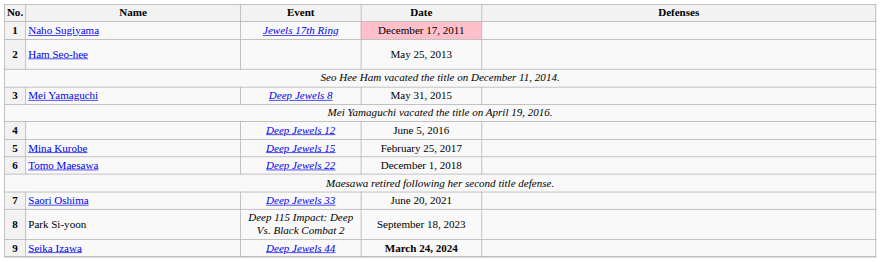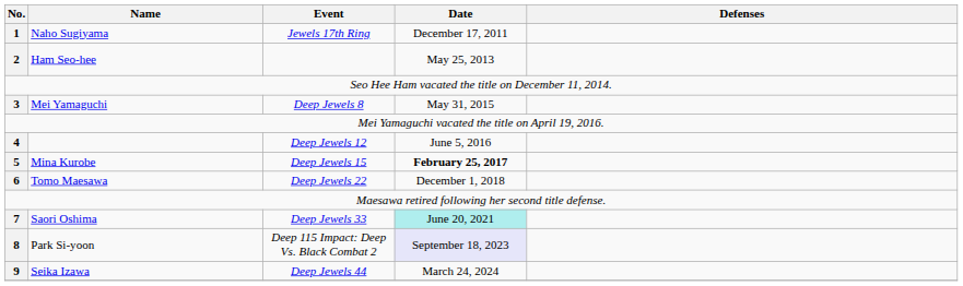 <table class="wikitable" width=100%>
 <tr>
 <th width=1%>No.</th>
 <th width=25%>Name</th>
 <th width=14%>Event</th>
 <th width=14%>Date</th>
 <th width=46%>Defenses</th>
 </tr>
 <tr>
 <th>1</th>
 <td align=left> <a href='#'>Naho Sugiyama</a><br></td>
 <td align=center><em><a href='#'>Jewels 17th Ring</a></em> <br></td>
-<td align=center style="background: pink;">December 17, 2011</td>
+<td align=center>December 17, 2011</td>
 <td></td>
 </tr>
 <tr>
 <th>2</th>
 <td align=left> <a href='#'>Ham Seo-hee</a></td>
 <td align=center><em></em> <br></td>
 <td align=center>May 25, 2013</td>
 <td><br><br> </td>
 </tr>
 <tr>
 <td align="center" colspan="5"><em>Seo Hee Ham vacated the title on December 11, 2014.</em></td>
 </tr>
 <tr>
 <th>3</th>
 <td align=left> <a href='#'>Mei Yamaguchi</a><br></td>
 <td align=center><em><a href='#'>Deep Jewels 8</a></em> <br></td>
 <td align=center>May 31, 2015</td>
 <td></td>
 </tr>
 <tr>
 <td align="center" colspan="5"><em>Mei Yamaguchi vacated the title on April 19, 2016.</em></td>
 </tr>
 <tr>
 <th>4</th>
 <td align=left><br></td>
 <td align=center><em><a href='#'>Deep Jewels 12</a></em> <br></td>
 <td align=center>June 5, 2016</td>
 <td></td>
 </tr>
 <tr>
 <th>5</th>
 <td align=left> <a href='#'>Mina Kurobe</a></td>
 <td align=center><em><a href='#'>Deep Jewels 15</a></em> <br></td>
-<td align=center>February 25, 2017</td>
+<td align=center><strong>February 25, 2017</strong></td>
 <td></td>
 </tr>
 <tr>
 <th>6</th>
 <td align=left> <a href='#'>Tomo Maesawa</a></td>
 <td align=center><em><a href='#'>Deep Jewels 22</a></em> <br></td>
 <td align=center>December 1, 2018</td>
 <td></td>
 </tr>
 <tr>
 <td align="center" colspan="5"><em>Maesawa retired following her second title defense.</em></td>
 </tr>
 <tr>
 <th>7</th>
 <td align=left> <a href='#'>Saori Oshima</a> <br></td>
 <td align=center><em><a href='#'>Deep Jewels 33</a></em> <br></td>
-<td align=center>June 20, 2021</td>
+<td align=center style="background: paleturquoise;">June 20, 2021</td>
 <td></td>
 </tr>
 <tr>
 <th>8</th>
 <td align=left> Park Si-yoon</td>
 <td align=center><em>Deep 115 Impact: Deep Vs. Black Combat 2</em> <br></td>
-<td align=center>September 18, 2023</td>
+<td align=center style="background: lavender;">September 18, 2023</td>
 <td></td>
 </tr>
 <tr>
 <th>9</th>
 <td align=left> <a href='#'>Seika Izawa</a></td>
 <td align=center><em><a href='#'>Deep Jewels 44</a></em> <br></td>
-<td align=center><strong>March 24, 2024</strong></td>
+<td align=center>March 24, 2024</td>
 <td></td>
 </tr>
 <tr>
 </tr>
 </table>
